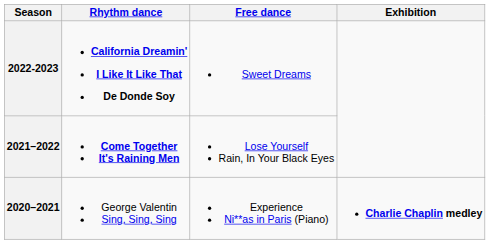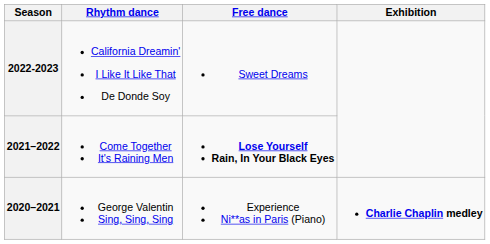 <table class=wikitable style=text-align:center>
 <tr>
 <th>Season</th>
 <th><a href='#'>Rhythm dance</a></th>
 <th><a href='#'>Free dance</a></th>
 <th>Exhibition</th>
 </tr>
 <tr>
 <th>2022-2023<br></th>
-<td><strong><br><ul><li><a href='#'>California Dreamin'</a></li></ul><ul><li><a href='#'>I Like It Like That</a></li></ul><ul><li>De Donde Soy</li></ul></strong></td>
+<td><br><ul><li><a href='#'>California Dreamin'</a></li></ul><ul><li><a href='#'>I Like It Like That</a></li></ul><ul><li>De Donde Soy</li></ul></td>
 <td><br><ul><li><a href='#'>Sweet Dreams</a><br></li></ul></td>
 </tr>
 <tr>
 <th>2021–2022 <br> </th>
-<td><strong><br><ul><li> <a href='#'>Come Together</a> <br> </li><li> <a href='#'>It's Raining Men</a> <br> </li></ul></strong></td>
-<td><br><ul><li><a href='#'>Lose Yourself</a> <br> </li><li>Rain, In Your Black Eyes <br> </li></ul></td>
+<td><br><ul><li> <a href='#'>Come Together</a> <br> </li><li> <a href='#'>It's Raining Men</a> <br> </li></ul></td>
+<td><strong><br><ul><li><a href='#'>Lose Yourself</a> <br> </li><li>Rain, In Your Black Eyes <br> </li></ul></strong></td>
 </tr>
 <tr>
 <th>2020–2021 <br> </th>
 <td><br><ul><li> George Valentin <br> </li><li> <a href='#'>Sing, Sing, Sing</a> <br> </li></ul></td>
 <td><br><ul><li>Experience <br> </li><li><a href='#'>Ni**as in Paris</a> (Piano) <br> </li></ul></td>
 <td><strong><br><ul><li><a href='#'>Charlie Chaplin</a> medley</li></ul></strong></td>
 </tr>
 </table>
